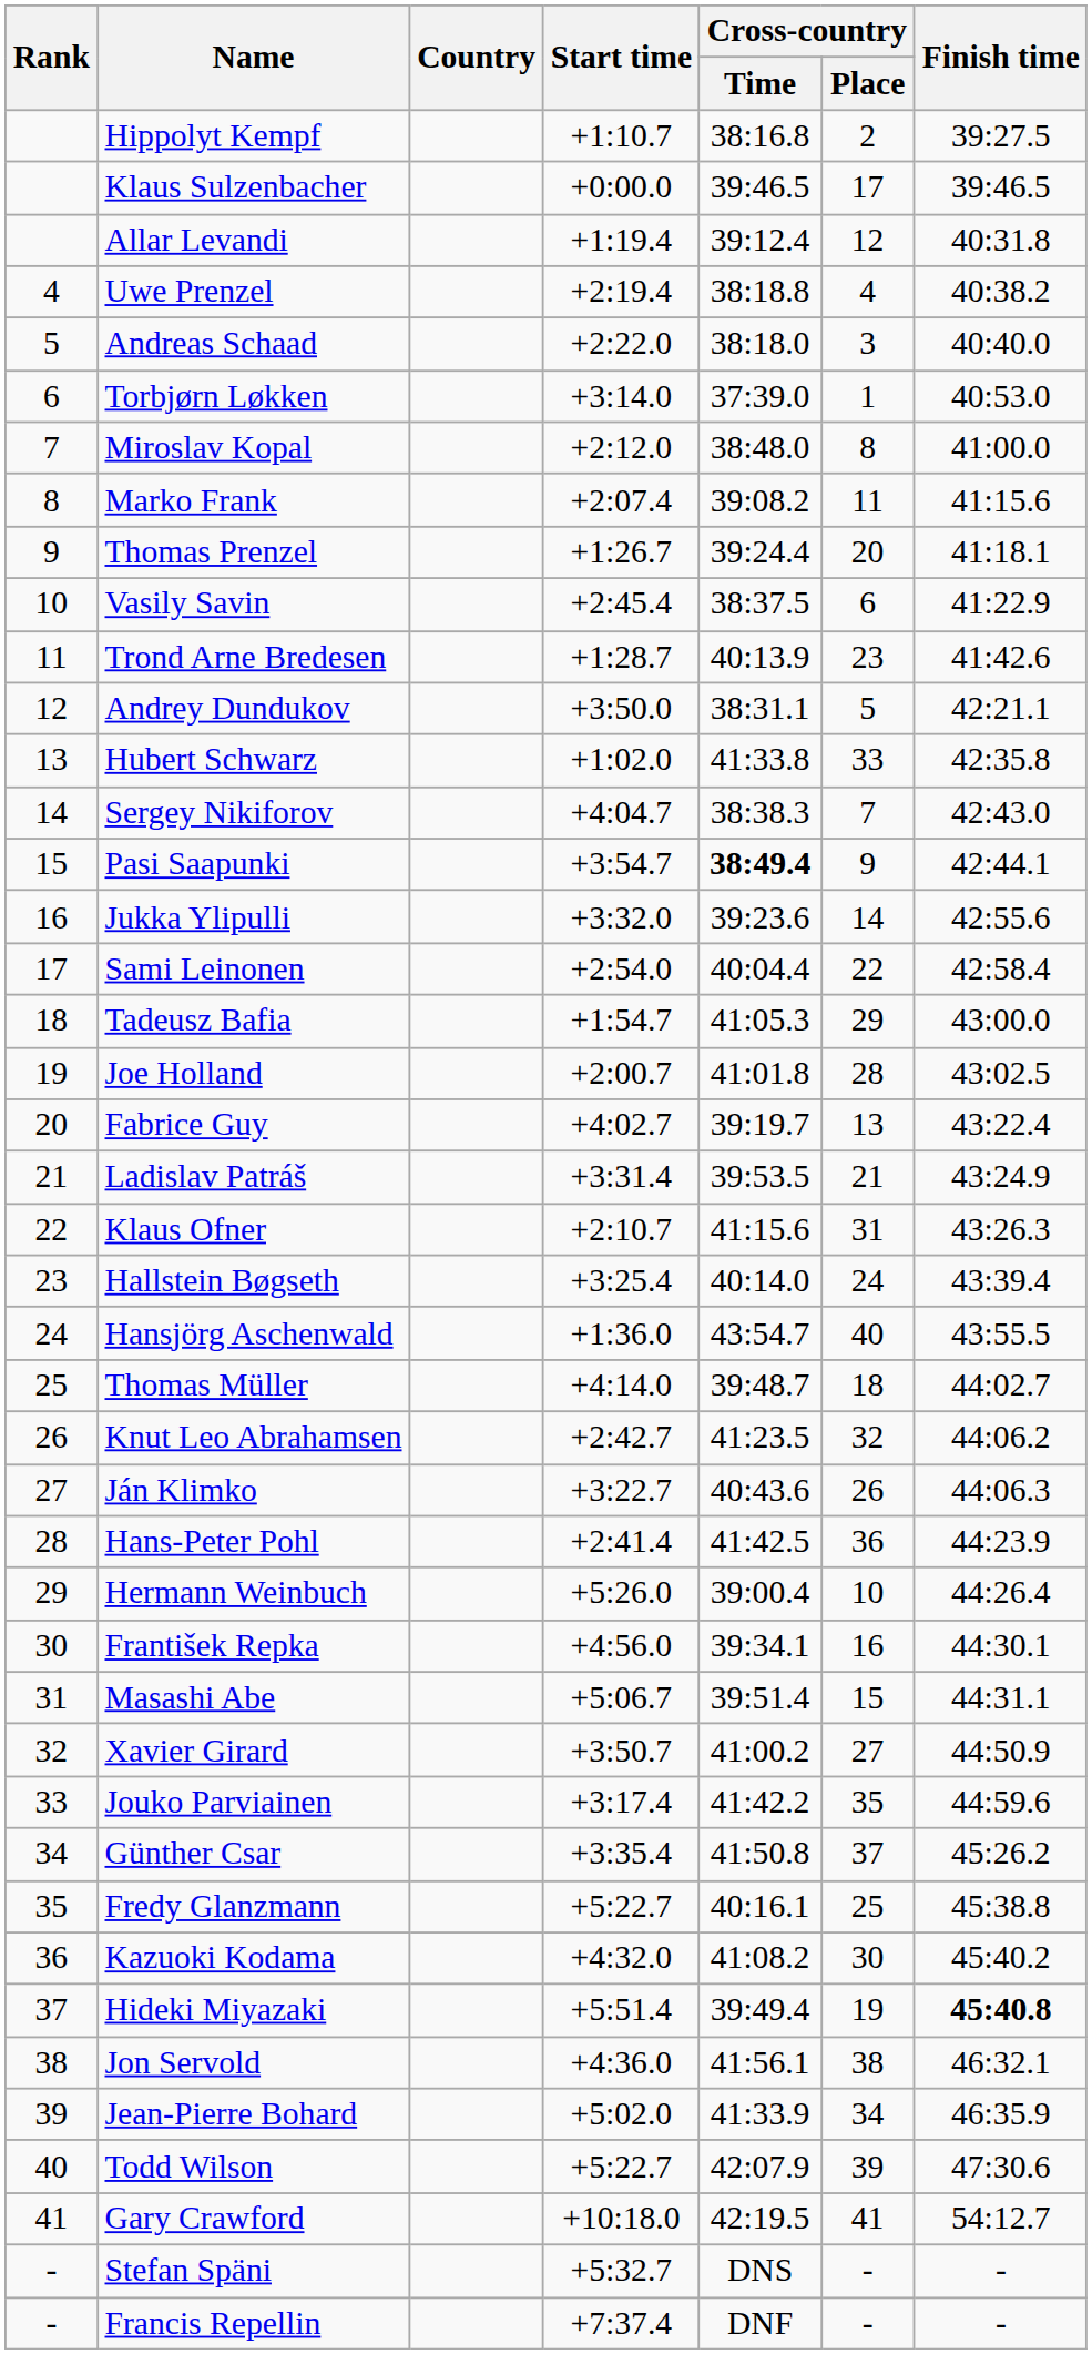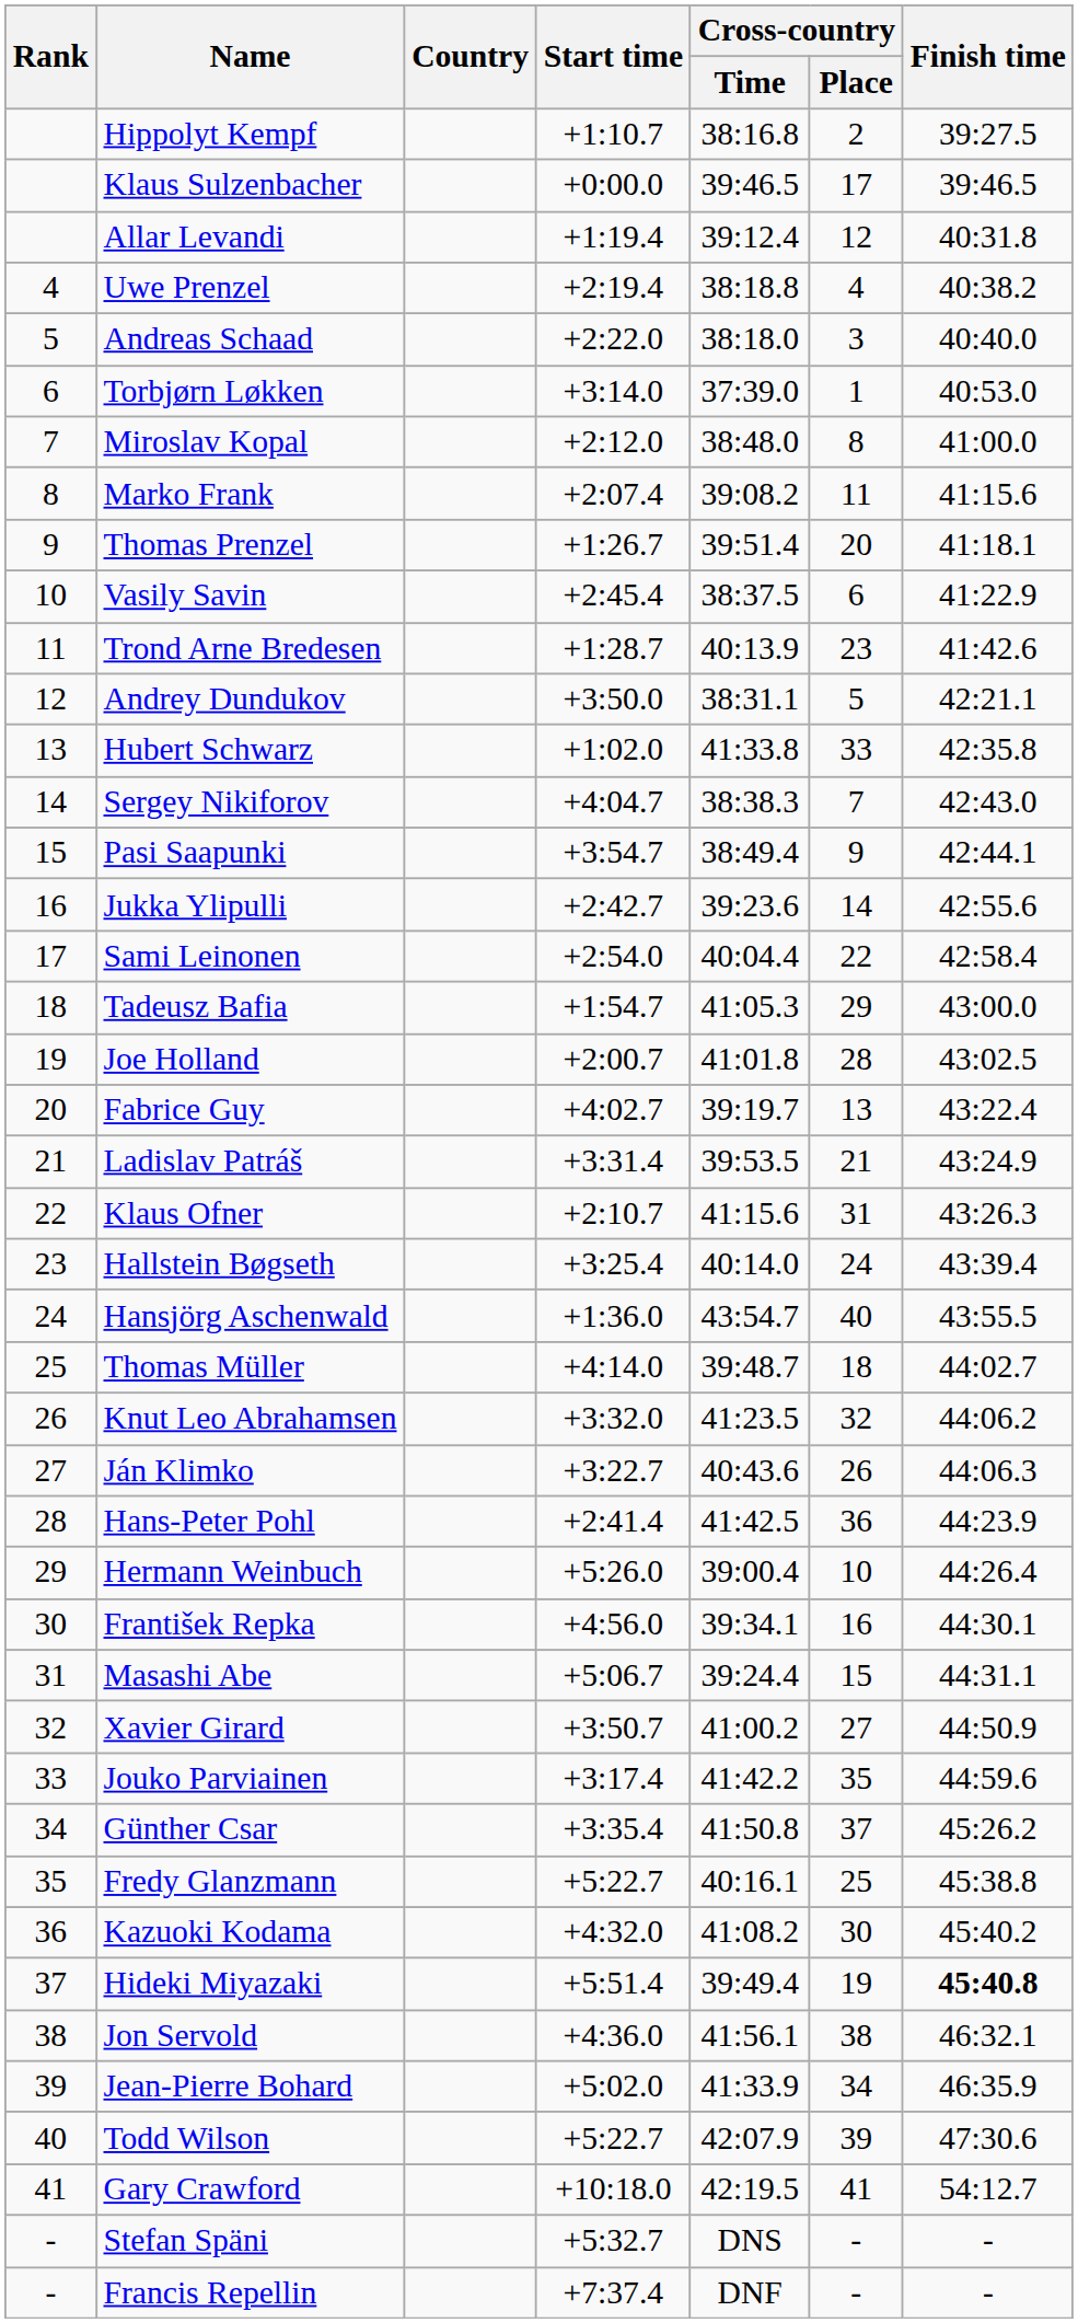 <table class="wikitable sortable" style="text-align:center">
 <tr>
 <th rowspan=2>Rank</th>
 <th rowspan=2>Name</th>
 <th rowspan=2>Country</th>
 <th rowspan=2>Start time</th>
 <th colspan=2>Cross-country</th>
 <th rowspan=2>Finish time</th>
 </tr>
 <tr>
 <th>Time</th>
 <th>Place</th>
 </tr>
 <tr>
 <td></td>
 <td align=left><a href='#'>Hippolyt Kempf</a></td>
 <td align=left></td>
 <td>+1:10.7</td>
 <td>38:16.8</td>
 <td>2</td>
 <td>39:27.5</td>
 </tr>
 <tr>
 <td></td>
 <td align=left><a href='#'>Klaus Sulzenbacher</a></td>
 <td align=left></td>
 <td>+0:00.0</td>
 <td>39:46.5</td>
 <td>17</td>
 <td>39:46.5</td>
 </tr>
 <tr>
 <td></td>
 <td align=left><a href='#'>Allar Levandi</a></td>
 <td align=left></td>
 <td>+1:19.4</td>
 <td>39:12.4</td>
 <td>12</td>
 <td>40:31.8</td>
 </tr>
 <tr>
 <td>4</td>
 <td align=left><a href='#'>Uwe Prenzel</a></td>
 <td align=left></td>
 <td>+2:19.4</td>
 <td>38:18.8</td>
 <td>4</td>
 <td>40:38.2</td>
 </tr>
 <tr>
 <td>5</td>
 <td align=left><a href='#'>Andreas Schaad</a></td>
 <td align=left></td>
 <td>+2:22.0</td>
 <td>38:18.0</td>
 <td>3</td>
 <td>40:40.0</td>
 </tr>
 <tr>
 <td>6</td>
 <td align=left><a href='#'>Torbjørn Løkken</a></td>
 <td align=left></td>
 <td>+3:14.0</td>
 <td>37:39.0</td>
 <td>1</td>
 <td>40:53.0</td>
 </tr>
 <tr>
 <td>7</td>
 <td align=left><a href='#'>Miroslav Kopal</a></td>
 <td align=left></td>
 <td>+2:12.0</td>
 <td>38:48.0</td>
 <td>8</td>
 <td>41:00.0</td>
 </tr>
 <tr>
 <td>8</td>
 <td align=left><a href='#'>Marko Frank</a></td>
 <td align=left></td>
 <td>+2:07.4</td>
 <td>39:08.2</td>
 <td>11</td>
 <td>41:15.6</td>
 </tr>
 <tr>
 <td>9</td>
 <td align=left><a href='#'>Thomas Prenzel</a></td>
 <td align=left></td>
 <td>+1:26.7</td>
-<td>39:24.4</td>
+<td>39:51.4</td>
 <td>20</td>
 <td>41:18.1</td>
 </tr>
 <tr>
 <td>10</td>
 <td align=left><a href='#'>Vasily Savin</a></td>
 <td align=left></td>
 <td>+2:45.4</td>
 <td>38:37.5</td>
 <td>6</td>
 <td>41:22.9</td>
 </tr>
 <tr>
 <td>11</td>
 <td align=left><a href='#'>Trond Arne Bredesen</a></td>
 <td align=left></td>
 <td>+1:28.7</td>
 <td>40:13.9</td>
 <td>23</td>
 <td>41:42.6</td>
 </tr>
 <tr>
 <td>12</td>
 <td align=left><a href='#'>Andrey Dundukov</a></td>
 <td align=left></td>
 <td>+3:50.0</td>
 <td>38:31.1</td>
 <td>5</td>
 <td>42:21.1</td>
 </tr>
 <tr>
 <td>13</td>
 <td align=left><a href='#'>Hubert Schwarz</a></td>
 <td align=left></td>
 <td>+1:02.0</td>
 <td>41:33.8</td>
 <td>33</td>
 <td>42:35.8</td>
 </tr>
 <tr>
 <td>14</td>
 <td align=left><a href='#'>Sergey Nikiforov</a></td>
 <td align=left></td>
 <td>+4:04.7</td>
 <td>38:38.3</td>
 <td>7</td>
 <td>42:43.0</td>
 </tr>
 <tr>
 <td>15</td>
 <td align=left><a href='#'>Pasi Saapunki</a></td>
 <td align=left></td>
 <td>+3:54.7</td>
-<td><strong>38:49.4</strong></td>
+<td>38:49.4</td>
 <td>9</td>
 <td>42:44.1</td>
 </tr>
 <tr>
 <td>16</td>
 <td align=left><a href='#'>Jukka Ylipulli</a></td>
 <td align=left></td>
-<td>+3:32.0</td>
+<td>+2:42.7</td>
 <td>39:23.6</td>
 <td>14</td>
 <td>42:55.6</td>
 </tr>
 <tr>
 <td>17</td>
 <td align=left><a href='#'>Sami Leinonen</a></td>
 <td align=left></td>
 <td>+2:54.0</td>
 <td>40:04.4</td>
 <td>22</td>
 <td>42:58.4</td>
 </tr>
 <tr>
 <td>18</td>
 <td align=left><a href='#'>Tadeusz Bafia</a></td>
 <td align=left></td>
 <td>+1:54.7</td>
 <td>41:05.3</td>
 <td>29</td>
 <td>43:00.0</td>
 </tr>
 <tr>
 <td>19</td>
 <td align=left><a href='#'>Joe Holland</a></td>
 <td align=left></td>
 <td>+2:00.7</td>
 <td>41:01.8</td>
 <td>28</td>
 <td>43:02.5</td>
 </tr>
 <tr>
 <td>20</td>
 <td align=left><a href='#'>Fabrice Guy</a></td>
 <td align=left></td>
 <td>+4:02.7</td>
 <td>39:19.7</td>
 <td>13</td>
 <td>43:22.4</td>
 </tr>
 <tr>
 <td>21</td>
 <td align=left><a href='#'>Ladislav Patráš</a></td>
 <td align=left></td>
 <td>+3:31.4</td>
 <td>39:53.5</td>
 <td>21</td>
 <td>43:24.9</td>
 </tr>
 <tr>
 <td>22</td>
 <td align=left><a href='#'>Klaus Ofner</a></td>
 <td align=left></td>
 <td>+2:10.7</td>
 <td>41:15.6</td>
 <td>31</td>
 <td>43:26.3</td>
 </tr>
 <tr>
 <td>23</td>
 <td align=left><a href='#'>Hallstein Bøgseth</a></td>
 <td align=left></td>
 <td>+3:25.4</td>
 <td>40:14.0</td>
 <td>24</td>
 <td>43:39.4</td>
 </tr>
 <tr>
 <td>24</td>
 <td align=left><a href='#'>Hansjörg Aschenwald</a></td>
 <td align=left></td>
 <td>+1:36.0</td>
 <td>43:54.7</td>
 <td>40</td>
 <td>43:55.5</td>
 </tr>
 <tr>
 <td>25</td>
 <td align=left><a href='#'>Thomas Müller</a></td>
 <td align=left></td>
 <td>+4:14.0</td>
 <td>39:48.7</td>
 <td>18</td>
 <td>44:02.7</td>
 </tr>
 <tr>
 <td>26</td>
 <td align=left><a href='#'>Knut Leo Abrahamsen</a></td>
 <td align=left></td>
-<td>+2:42.7</td>
+<td>+3:32.0</td>
 <td>41:23.5</td>
 <td>32</td>
 <td>44:06.2</td>
 </tr>
 <tr>
 <td>27</td>
 <td align=left><a href='#'>Ján Klimko</a></td>
 <td align=left></td>
 <td>+3:22.7</td>
 <td>40:43.6</td>
 <td>26</td>
 <td>44:06.3</td>
 </tr>
 <tr>
 <td>28</td>
 <td align=left><a href='#'>Hans-Peter Pohl</a></td>
 <td align=left></td>
 <td>+2:41.4</td>
 <td>41:42.5</td>
 <td>36</td>
 <td>44:23.9</td>
 </tr>
 <tr>
 <td>29</td>
 <td align=left><a href='#'>Hermann Weinbuch</a></td>
 <td align=left></td>
 <td>+5:26.0</td>
 <td>39:00.4</td>
 <td>10</td>
 <td>44:26.4</td>
 </tr>
 <tr>
 <td>30</td>
 <td align=left><a href='#'>František Repka</a></td>
 <td align=left></td>
 <td>+4:56.0</td>
 <td>39:34.1</td>
 <td>16</td>
 <td>44:30.1</td>
 </tr>
 <tr>
 <td>31</td>
 <td align=left><a href='#'>Masashi Abe</a></td>
 <td align=left></td>
 <td>+5:06.7</td>
-<td>39:51.4</td>
+<td>39:24.4</td>
 <td>15</td>
 <td>44:31.1</td>
 </tr>
 <tr>
 <td>32</td>
 <td align=left><a href='#'>Xavier Girard</a></td>
 <td align=left></td>
 <td>+3:50.7</td>
 <td>41:00.2</td>
 <td>27</td>
 <td>44:50.9</td>
 </tr>
 <tr>
 <td>33</td>
 <td align=left><a href='#'>Jouko Parviainen</a></td>
 <td align=left></td>
 <td>+3:17.4</td>
 <td>41:42.2</td>
 <td>35</td>
 <td>44:59.6</td>
 </tr>
 <tr>
 <td>34</td>
 <td align=left><a href='#'>Günther Csar</a></td>
 <td align=left></td>
 <td>+3:35.4</td>
 <td>41:50.8</td>
 <td>37</td>
 <td>45:26.2</td>
 </tr>
 <tr>
 <td>35</td>
 <td align=left><a href='#'>Fredy Glanzmann</a></td>
 <td align=left></td>
 <td>+5:22.7</td>
 <td>40:16.1</td>
 <td>25</td>
 <td>45:38.8</td>
 </tr>
 <tr>
 <td>36</td>
 <td align=left><a href='#'>Kazuoki Kodama</a></td>
 <td align=left></td>
 <td>+4:32.0</td>
 <td>41:08.2</td>
 <td>30</td>
 <td>45:40.2</td>
 </tr>
 <tr>
 <td>37</td>
 <td align=left><a href='#'>Hideki Miyazaki</a></td>
 <td align=left></td>
 <td>+5:51.4</td>
 <td>39:49.4</td>
 <td>19</td>
 <td><strong>45:40.8</strong></td>
 </tr>
 <tr>
 <td>38</td>
 <td align=left><a href='#'>Jon Servold</a></td>
 <td align=left></td>
 <td>+4:36.0</td>
 <td>41:56.1</td>
 <td>38</td>
 <td>46:32.1</td>
 </tr>
 <tr>
 <td>39</td>
 <td align=left><a href='#'>Jean-Pierre Bohard</a></td>
 <td align=left></td>
 <td>+5:02.0</td>
 <td>41:33.9</td>
 <td>34</td>
 <td>46:35.9</td>
 </tr>
 <tr>
 <td>40</td>
 <td align=left><a href='#'>Todd Wilson</a></td>
 <td align=left></td>
 <td>+5:22.7</td>
 <td>42:07.9</td>
 <td>39</td>
 <td>47:30.6</td>
 </tr>
 <tr>
 <td>41</td>
 <td align=left><a href='#'>Gary Crawford</a></td>
 <td align=left></td>
 <td>+10:18.0</td>
 <td>42:19.5</td>
 <td>41</td>
 <td>54:12.7</td>
 </tr>
 <tr>
 <td>-</td>
 <td align=left><a href='#'>Stefan Späni</a></td>
 <td align=left></td>
 <td>+5:32.7</td>
 <td>DNS</td>
 <td>-</td>
 <td>-</td>
 </tr>
 <tr>
 <td>-</td>
 <td align=left><a href='#'>Francis Repellin</a></td>
 <td align=left></td>
 <td>+7:37.4</td>
 <td>DNF</td>
 <td>-</td>
 <td>-</td>
 </tr>
 </table>
